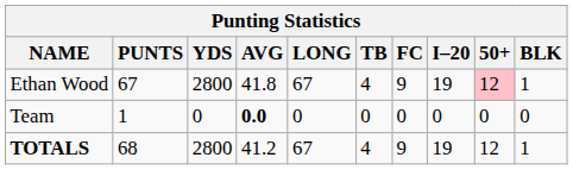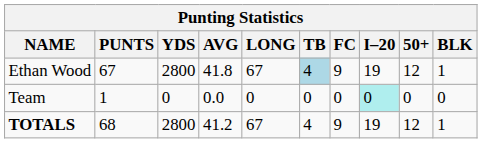 <table class="wikitable sortable collapsible collapsed">
 <tr>
 <th colspan="12">Punting Statistics</th>
 </tr>
 <tr>
 <th>NAME</th>
 <th>PUNTS</th>
 <th>YDS</th>
 <th>AVG</th>
 <th>LONG</th>
 <th>TB</th>
 <th>FC</th>
 <th>I–20</th>
 <th>50+</th>
 <th>BLK</th>
 </tr>
 <tr>
 <td>Ethan Wood</td>
 <td>67</td>
 <td>2800</td>
 <td>41.8</td>
 <td>67</td>
-<td>4</td>
+<td style="background: lightblue;">4</td>
 <td>9</td>
 <td>19</td>
-<td style="background: pink;">12</td>
+<td>12</td>
 <td>1</td>
 </tr>
 <tr>
 <td>Team</td>
 <td>1</td>
 <td>0</td>
-<td><strong>0.0</strong></td>
+<td>0.0</td>
 <td>0</td>
 <td>0</td>
 <td>0</td>
-<td>0</td>
+<td style="background: paleturquoise;">0</td>
 <td>0</td>
 <td>0</td>
 </tr>
 <tr>
 <td><strong>TOTALS</strong></td>
 <td>68</td>
 <td>2800</td>
 <td>41.2</td>
 <td>67</td>
 <td>4</td>
 <td>9</td>
 <td>19</td>
 <td>12</td>
 <td>1</td>
 </tr>
 </table>
